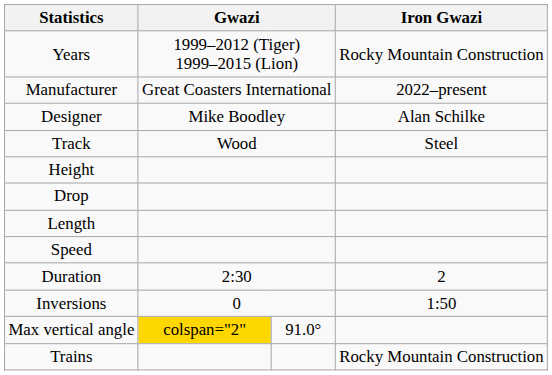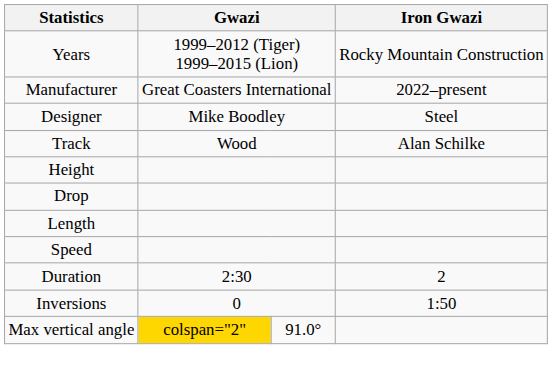 <table class="wikitable" style="text-align:center;">
 <tr>
 <th>Statistics</th>
 <th colspan="2">Gwazi</th>
 <th>Iron Gwazi</th>
 </tr>
 <tr>
 <td>Years</td>
 <td colspan="2">1999–2012 (Tiger)<br>1999–2015 (Lion)</td>
 <td>Rocky Mountain Construction</td>
 </tr>
 <tr>
 <td>Manufacturer</td>
 <td colspan="2">Great Coasters International</td>
 <td>2022–present</td>
 </tr>
 <tr>
 <td>Designer</td>
 <td colspan="2">Mike Boodley</td>
-<td>Alan Schilke</td>
+<td>Steel</td>
 </tr>
 <tr>
 <td>Track</td>
 <td colspan="2">Wood</td>
-<td>Steel</td>
+<td>Alan Schilke</td>
 </tr>
 <tr>
 <td>Height</td>
 <td colspan="2"></td>
 <td></td>
 </tr>
 <tr>
 <td>Drop</td>
 <td colspan="2"></td>
 <td></td>
 </tr>
 <tr>
 <td>Length</td>
 <td colspan="2"></td>
 <td></td>
 </tr>
 <tr>
 <td>Speed</td>
 <td colspan="2"></td>
 <td></td>
 </tr>
 <tr>
 <td>Duration</td>
 <td colspan="2">2:30</td>
 <td>2</td>
 </tr>
 <tr>
 <td>Inversions</td>
 <td colspan="2">0</td>
 <td>1:50</td>
 </tr>
 <tr>
 <td>Max vertical angle</td>
 <td style="background: gold;">colspan="2" </td>
 <td>91.0°</td>
 </tr>
-<tr>
-<td>Trains</td>
-<td></td>
-<td></td>
-<td>Rocky Mountain Construction</td>
-</tr>
 </table>
